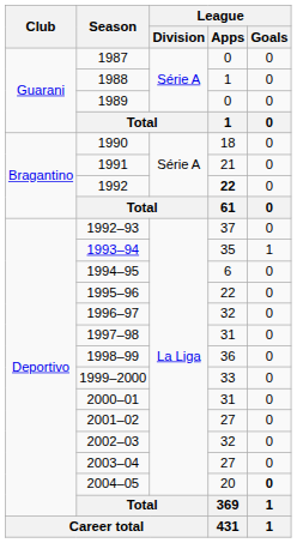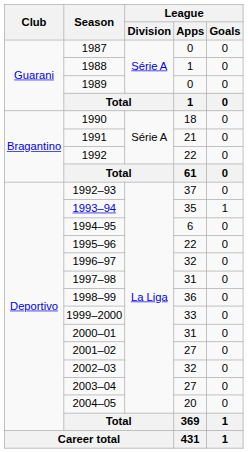 <table class="wikitable" style="text-align:center">
 <tr>
 <th rowspan="2">Club</th>
 <th rowspan="2">Season</th>
 <th colspan="3">League</th>
 </tr>
 <tr>
 <th>Division</th>
 <th>Apps</th>
 <th>Goals</th>
 </tr>
 <tr>
 <td rowspan="4"><a href='#'>Guarani</a></td>
 <td>1987</td>
 <td rowspan="3"><a href='#'>Série A</a></td>
 <td>0</td>
 <td>0</td>
 </tr>
 <tr>
 <td>1988</td>
 <td>1</td>
 <td>0</td>
 </tr>
 <tr>
 <td>1989</td>
 <td>0</td>
 <td>0</td>
 </tr>
 <tr>
 <th colspan="2">Total</th>
 <th>1</th>
 <th>0</th>
 </tr>
 <tr>
 <td rowspan="4"><a href='#'>Bragantino</a></td>
 <td>1990</td>
 <td rowspan="3">Série A</td>
 <td>18</td>
 <td>0</td>
 </tr>
 <tr>
 <td>1991</td>
 <td>21</td>
 <td>0</td>
 </tr>
 <tr>
 <td>1992</td>
-<td><strong>22</strong></td>
+<td>22</td>
 <td>0</td>
 </tr>
 <tr>
 <th colspan="2">Total</th>
 <th>61</th>
 <th>0</th>
 </tr>
 <tr>
 <td rowspan="14"><a href='#'>Deportivo</a></td>
 <td>1992–93</td>
 <td rowspan="13"><a href='#'>La Liga</a></td>
 <td>37</td>
 <td>0</td>
 </tr>
 <tr>
 <td><a href='#'>1993–94</a></td>
 <td>35</td>
 <td>1</td>
 </tr>
 <tr>
 <td>1994–95</td>
 <td>6</td>
 <td>0</td>
 </tr>
 <tr>
 <td>1995–96</td>
 <td>22</td>
 <td>0</td>
 </tr>
 <tr>
 <td>1996–97</td>
 <td>32</td>
 <td>0</td>
 </tr>
 <tr>
 <td>1997–98</td>
 <td>31</td>
 <td>0</td>
 </tr>
 <tr>
 <td>1998–99</td>
 <td>36</td>
 <td>0</td>
 </tr>
 <tr>
 <td>1999–2000</td>
 <td>33</td>
 <td>0</td>
 </tr>
 <tr>
 <td>2000–01</td>
 <td>31</td>
 <td>0</td>
 </tr>
 <tr>
 <td>2001–02</td>
 <td>27</td>
 <td>0</td>
 </tr>
 <tr>
 <td>2002–03</td>
 <td>32</td>
 <td>0</td>
 </tr>
 <tr>
 <td>2003–04</td>
 <td>27</td>
 <td>0</td>
 </tr>
 <tr>
 <td>2004–05</td>
 <td>20</td>
-<td><strong>0</strong></td>
+<td>0</td>
 </tr>
 <tr>
 <th colspan="2">Total</th>
 <th>369</th>
 <th>1</th>
 </tr>
 <tr>
 <th colspan="3">Career total</th>
 <th>431</th>
 <th>1</th>
 </tr>
 </table>
